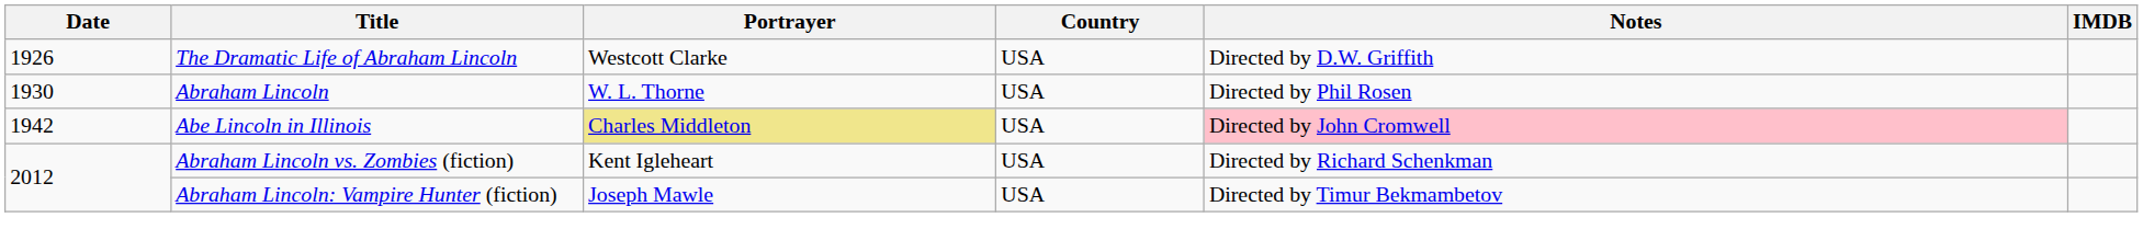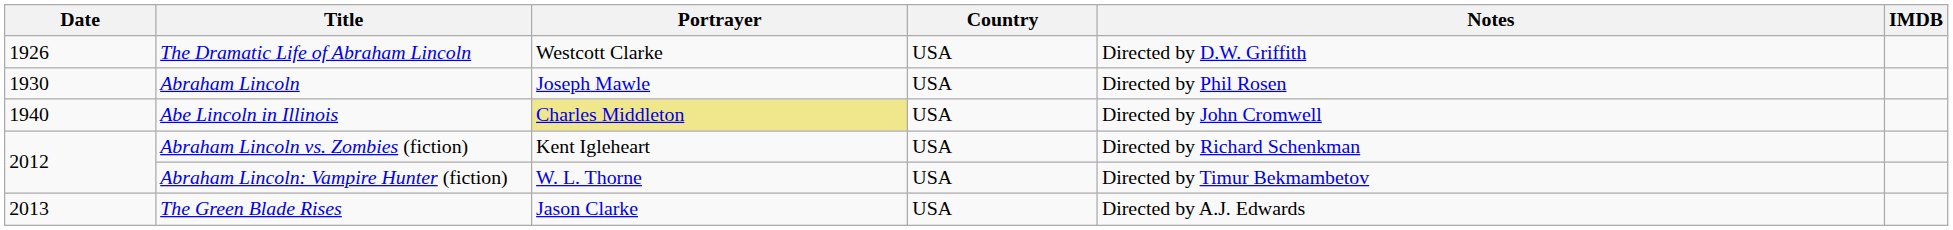 <table class="wikitable sortable">
 <tr>
 <th width="8%">Date</th>
 <th width="20%">Title</th>
 <th width="20%">Portrayer</th>
 <th width="10%">Country</th>
 <th width="53%">Notes</th>
 <th width="5%">IMDB</th>
 </tr>
 <tr valign="top">
 <td>1926</td>
 <td><em><a href='#'>The Dramatic Life of Abraham Lincoln</a></em></td>
 <td>Westcott Clarke</td>
 <td>USA</td>
 <td>Directed by <a href='#'>D.W. Griffith</a></td>
 <td></td>
 </tr>
 <tr>
 <td>1930</td>
 <td><em><a href='#'>Abraham Lincoln</a></em></td>
-<td><a href='#'>W. L. Thorne</a></td>
+<td><a href='#'>Joseph Mawle</a></td>
 <td>USA</td>
 <td>Directed by <a href='#'>Phil Rosen</a></td>
 <td></td>
 </tr>
 <tr>
-<td>1942</td>
+<td>1940</td>
 <td><em><a href='#'>Abe Lincoln in Illinois</a></em></td>
 <td style="background: khaki;"><a href='#'>Charles Middleton</a></td>
 <td>USA</td>
-<td style="background: pink;">Directed by <a href='#'>John Cromwell</a></td>
+<td>Directed by <a href='#'>John Cromwell</a></td>
 <td></td>
 </tr>
 <tr>
 <td rowspan=2>2012</td>
 <td><em><a href='#'>Abraham Lincoln vs. Zombies</a></em> (fiction)</td>
 <td>Kent Igleheart</td>
 <td>USA</td>
 <td>Directed by <a href='#'>Richard Schenkman</a></td>
 <td></td>
 </tr>
 <tr>
 <td><em><a href='#'>Abraham Lincoln: Vampire Hunter</a></em> (fiction)</td>
-<td><a href='#'>Joseph Mawle</a></td>
+<td><a href='#'>W. L. Thorne</a></td>
 <td>USA</td>
 <td>Directed by <a href='#'>Timur Bekmambetov</a></td>
 <td></td>
 </tr>
+<tr>
+<td>2013</td>
+<td><em><a href='#'>The Green Blade Rises</a></em></td>
+<td><a href='#'>Jason Clarke</a></td>
+<td>USA</td>
+<td>Directed by A.J. Edwards</td>
+<td></td>
+</tr>
 </table>
